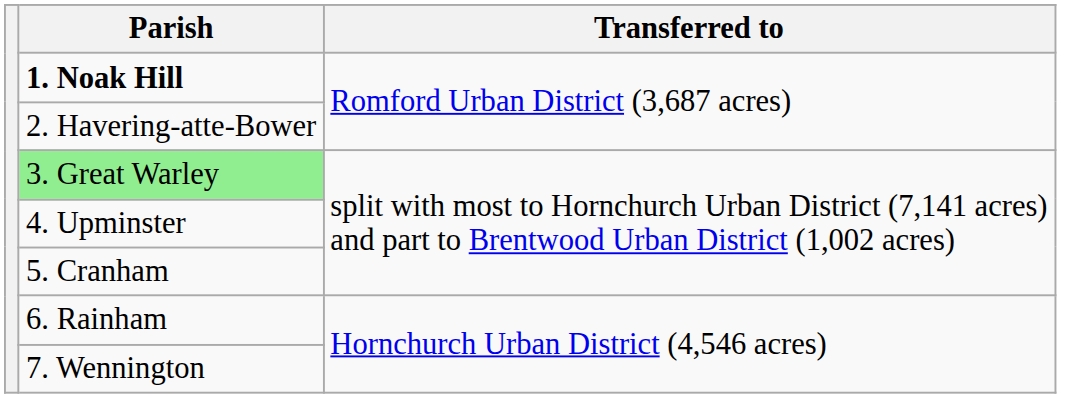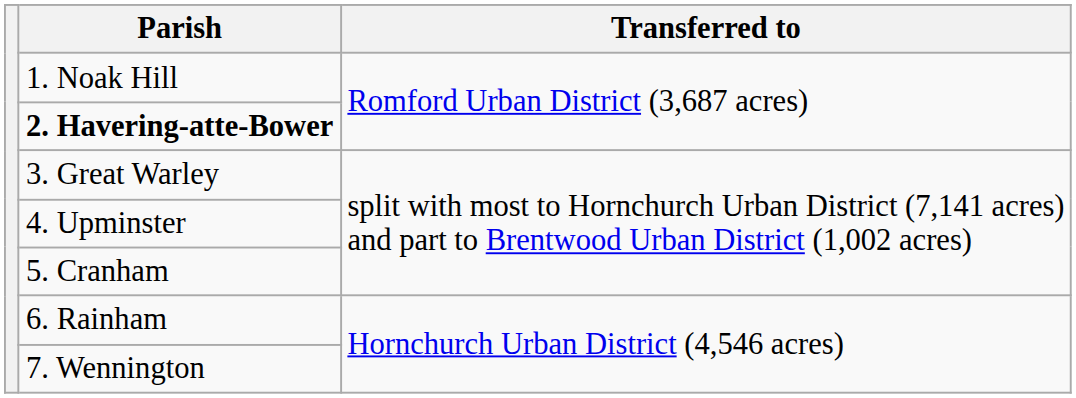 <table class="wikitable">
 <tr>
 <th rowspan="8"></th>
 <th>Parish</th>
 <th>Transferred to</th>
 </tr>
 <tr>
-<td><strong>1. Noak Hill</strong></td>
+<td>1. Noak Hill</td>
 <td rowspan="2"><a href='#'>Romford Urban District</a> (3,687 acres)</td>
 </tr>
 <tr>
-<td>2. Havering-atte-Bower</td>
+<td><strong>2. Havering-atte-Bower</strong></td>
 </tr>
 <tr>
-<td style="background: lightgreen;">3. Great Warley</td>
+<td>3. Great Warley</td>
 <td rowspan="3">split with most to Hornchurch Urban District (7,141 acres)<br>and part to <a href='#'>Brentwood Urban District</a> (1,002 acres)</td>
 </tr>
 <tr>
 <td>4. Upminster</td>
 </tr>
 <tr>
 <td>5. Cranham</td>
 </tr>
 <tr>
 <td>6. Rainham</td>
 <td rowspan="2"><a href='#'>Hornchurch Urban District</a> (4,546 acres)</td>
 </tr>
 <tr>
 <td>7. Wennington</td>
 </tr>
 </table>
